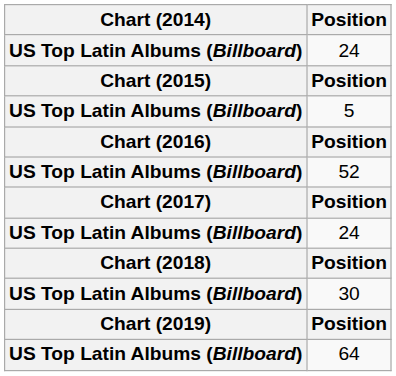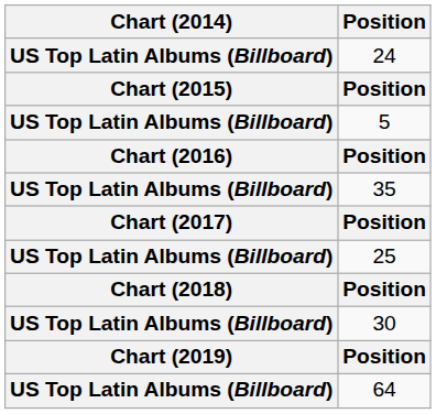 <table class="wikitable plainrowheaders" style="text-align:center">
 <tr>
 <th scope="col">Chart (2014)</th>
 <th scope="col">Position</th>
 </tr>
 <tr>
 <th scope="row">US Top Latin Albums (<em>Billboard</em>)</th>
 <td>24</td>
 </tr>
 <tr>
 <th scope="col">Chart (2015)</th>
 <th scope="col">Position</th>
 </tr>
 <tr>
 <th scope="row">US Top Latin Albums (<em>Billboard</em>)</th>
 <td>5</td>
 </tr>
 <tr>
 <th scope="col">Chart (2016)</th>
 <th scope="col">Position</th>
 </tr>
 <tr>
 <th scope="row">US Top Latin Albums (<em>Billboard</em>)</th>
-<td>52</td>
+<td>35</td>
 </tr>
 <tr>
 <th scope="col">Chart (2017)</th>
 <th scope="col">Position</th>
 </tr>
 <tr>
 <th scope="row">US Top Latin Albums (<em>Billboard</em>)</th>
-<td>24</td>
+<td>25</td>
 </tr>
 <tr>
 <th scope="col">Chart (2018)</th>
 <th scope="col">Position</th>
 </tr>
 <tr>
 <th scope="row">US Top Latin Albums (<em>Billboard</em>)</th>
 <td>30</td>
 </tr>
 <tr>
 <th scope="col">Chart (2019)</th>
 <th scope="col">Position</th>
 </tr>
 <tr>
 <th scope="row">US Top Latin Albums (<em>Billboard</em>)</th>
 <td>64</td>
 </tr>
 </table>
